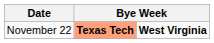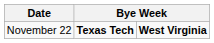 <table class="wikitable" style="font-size:95%;">
 <tr>
 <th>Date</th>
 <th colspan="2">Bye Week</th>
 </tr>
 <tr>
 <td>November 22</td>
-<td style="background: lightsalmon;"><strong>Texas Tech</strong></td>
+<td><strong>Texas Tech</strong></td>
 <td><strong>West Virginia</strong></td>
 </tr>
 </table>
